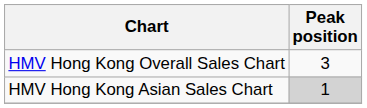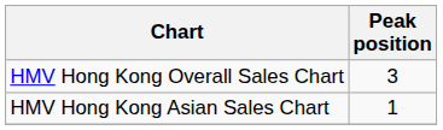 <table class="wikitable">
 <tr>
 <th>Chart</th>
 <th>Peak<br>position</th>
 </tr>
 <tr>
 <td><a href='#'>HMV</a> Hong Kong Overall Sales Chart</td>
 <td style="text-align:center;">3</td>
 </tr>
 <tr>
 <td>HMV Hong Kong Asian Sales Chart</td>
-<td style="background: lightgrey; text-align:center;">1</td>
+<td style="text-align:center;">1</td>
 </tr>
 <tr>
 </tr>
 </table>
